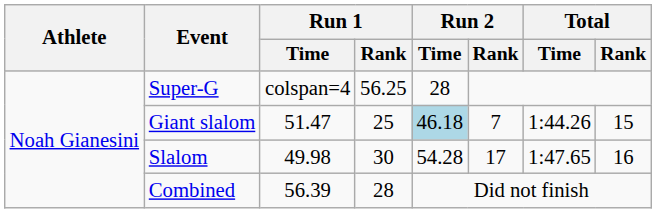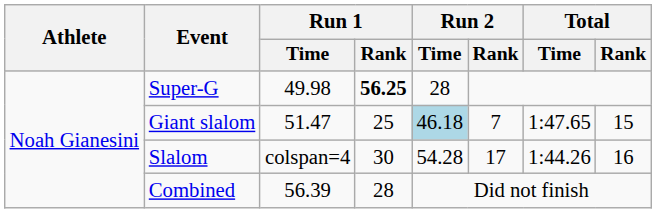 <table class="wikitable" style="font-size:90%">
 <tr>
 <th rowspan=2>Athlete</th>
 <th rowspan=2>Event</th>
 <th colspan=2>Run 1</th>
 <th colspan=2>Run 2</th>
 <th colspan=2>Total</th>
 </tr>
 <tr style="font-size:95%">
 <th>Time</th>
 <th>Rank</th>
 <th>Time</th>
 <th>Rank</th>
 <th>Time</th>
 <th>Rank</th>
 </tr>
 <tr align=center>
 <td align="left" rowspan="4"><a href='#'>Noah Gianesini</a></td>
 <td align="left"><a href='#'>Super-G</a></td>
-<td>colspan=4</td>
-<td>56.25</td>
+<td>49.98</td>
+<td><strong>56.25</strong></td>
 <td>28</td>
 </tr>
 <tr align=center>
 <td align="left"><a href='#'>Giant slalom</a></td>
 <td>51.47</td>
 <td>25</td>
 <td style="background: lightblue;">46.18</td>
 <td>7</td>
-<td>1:44.26</td>
+<td>1:47.65</td>
 <td>15</td>
 </tr>
 <tr align=center>
 <td align="left"><a href='#'>Slalom</a></td>
-<td>49.98</td>
+<td>colspan=4</td>
 <td>30</td>
 <td>54.28</td>
 <td>17</td>
-<td>1:47.65</td>
+<td>1:44.26</td>
 <td>16</td>
 </tr>
 <tr align=center>
 <td align="left"><a href='#'>Combined</a></td>
 <td>56.39</td>
 <td>28</td>
 <td colspan=4>Did not finish</td>
 </tr>
 </table>
